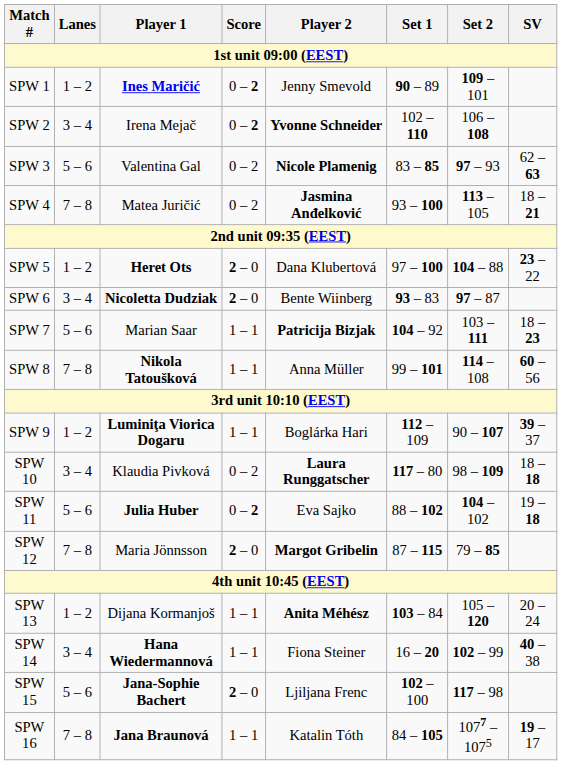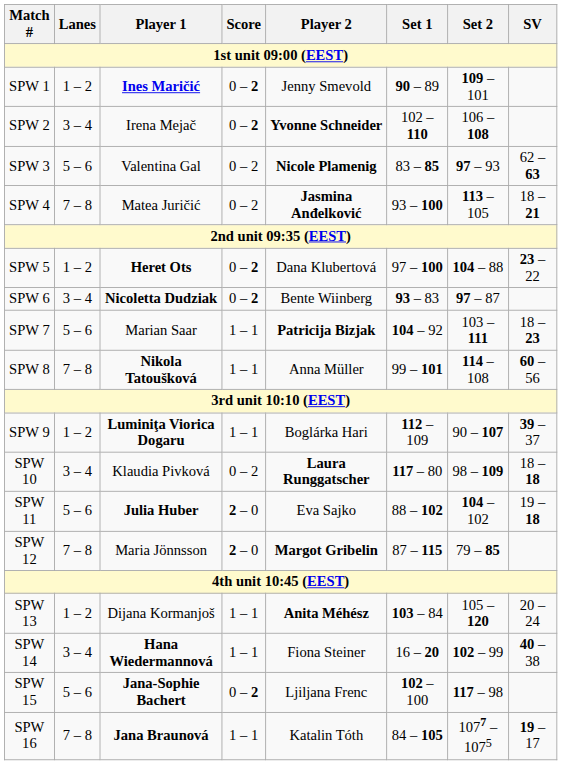 <table class="wikitable">
 <tr>
 <th width="5%">Match #</th>
 <th width="4%">Lanes</th>
 <th width="20%">Player 1</th>
 <th width="5%">Score</th>
 <th width="20%">Player 2</th>
 <th width="10%">Set 1</th>
 <th width="10%">Set 2</th>
 <th width="8%">SV</th>
 </tr>
 <tr>
 <td colspan="8" style="text-align:center; background-color:#FFFACD"><strong>1st unit 09:00 (<a href='#'>EEST</a>)</strong></td>
 </tr>
 <tr style=text-align:center;"background:#;">
 <td>SPW 1</td>
 <td>1 – 2</td>
 <td> <strong><a href='#'>Ines Maričić</a></strong></td>
 <td>0 – <strong>2</strong></td>
 <td> Jenny Smevold</td>
 <td><strong>90</strong> – 89</td>
 <td><strong>109</strong> – 101</td>
 <td></td>
 </tr>
 <tr style=text-align:center;"background:#;">
 <td>SPW 2</td>
 <td>3 – 4</td>
 <td> Irena Mejač</td>
 <td>0 – <strong>2</strong></td>
 <td> <strong>Yvonne Schneider</strong></td>
 <td>102 – <strong>110</strong></td>
 <td>106 – <strong>108</strong></td>
 <td></td>
 </tr>
 <tr style=text-align:center;"background:#;">
 <td>SPW 3</td>
 <td>5 – 6</td>
 <td> Valentina Gal</td>
 <td>0 – 2</td>
 <td> <strong>Nicole Plamenig</strong></td>
 <td>83 – <strong>85</strong></td>
 <td><strong>97</strong> – 93</td>
 <td>62 – <strong>63</strong></td>
 </tr>
 <tr style=text-align:center;"background:#;">
 <td>SPW 4</td>
 <td>7 – 8</td>
 <td> Matea Juričić</td>
 <td>0 – 2</td>
 <td> <strong>Jasmina Anđelković</strong></td>
 <td>93 – <strong>100</strong></td>
 <td><strong>113</strong> – 105</td>
 <td>18 – <strong>21</strong></td>
 </tr>
 <tr>
 <td colspan="8" style="text-align:center; background-color:#FFFACD"><strong>2nd unit 09:35 (<a href='#'>EEST</a>)</strong></td>
 </tr>
 <tr style=text-align:center;"background:#;">
 <td>SPW 5</td>
 <td>1 – 2</td>
 <td> <strong>Heret Ots</strong></td>
-<td><strong>2</strong> – 0</td>
+<td>0 – <strong>2</strong></td>
 <td> Dana Klubertová</td>
 <td>97 – <strong>100</strong></td>
 <td><strong>104</strong> – 88</td>
 <td><strong>23</strong> – 22</td>
 </tr>
 <tr style=text-align:center;"background:#;">
 <td>SPW 6</td>
 <td>3 – 4</td>
 <td> <strong>Nicoletta Dudziak</strong></td>
-<td><strong>2</strong> – 0</td>
+<td>0 – <strong>2</strong></td>
 <td> Bente Wiinberg</td>
 <td><strong>93</strong> – 83</td>
 <td><strong>97</strong> – 87</td>
 <td></td>
 </tr>
 <tr style=text-align:center;"background:#;">
 <td>SPW 7</td>
 <td>5 – 6</td>
 <td> Marian Saar</td>
 <td>1 – 1</td>
 <td> <strong>Patricija Bizjak</strong></td>
 <td><strong>104</strong> – 92</td>
 <td>103 – <strong>111</strong></td>
 <td>18 – <strong>23</strong></td>
 </tr>
 <tr style=text-align:center;"background:#;">
 <td>SPW 8</td>
 <td>7 – 8</td>
 <td> <strong>Nikola Tatoušková</strong></td>
 <td>1 – 1</td>
 <td> Anna Müller</td>
 <td>99  – <strong>101</strong></td>
 <td><strong>114</strong> – 108</td>
 <td><strong>60</strong> – 56</td>
 </tr>
 <tr>
 <td colspan="8" style="text-align:center; background-color:#FFFACD"><strong>3rd unit 10:10 (<a href='#'>EEST</a>)</strong></td>
 </tr>
 <tr style=text-align:center;"background:#;">
 <td>SPW 9</td>
 <td>1 – 2</td>
 <td> <strong>Luminiţa Viorica Dogaru</strong></td>
 <td>1 – 1</td>
 <td> Boglárka Hari</td>
 <td><strong>112</strong> – 109</td>
 <td>90 – <strong>107</strong></td>
 <td><strong>39</strong> – 37</td>
 </tr>
 <tr style=text-align:center;"background:#;">
 <td>SPW 10</td>
 <td>3 – 4</td>
 <td> Klaudia Pivková</td>
 <td>0 – 2</td>
 <td> <strong>Laura Runggatscher</strong></td>
 <td><strong>117</strong> – 80</td>
 <td>98 – <strong>109</strong></td>
 <td>18 – <strong>18</strong></td>
 </tr>
 <tr style=text-align:center;"background:#;">
 <td>SPW 11</td>
 <td>5 – 6</td>
 <td> <strong>Julia Huber</strong></td>
-<td>0 – <strong>2</strong></td>
+<td><strong>2</strong> – 0</td>
 <td> Eva Sajko</td>
 <td>88 – <strong>102</strong></td>
 <td><strong>104</strong> – 102</td>
 <td>19 – <strong>18</strong></td>
 </tr>
 <tr style=text-align:center;"background:#;">
 <td>SPW 12</td>
 <td>7 – 8</td>
 <td> Maria Jönnsson</td>
 <td><strong>2</strong> – 0</td>
 <td> <strong>Margot Gribelin</strong></td>
 <td>87 – <strong>115</strong></td>
 <td>79 – <strong>85</strong></td>
 <td></td>
 </tr>
 <tr>
 <td colspan="8" style="text-align:center; background-color:#FFFACD"><strong>4th unit 10:45 (<a href='#'>EEST</a>)</strong></td>
 </tr>
 <tr style=text-align:center;"background:#;">
 <td>SPW 13</td>
 <td>1 – 2</td>
 <td> Dijana Kormanjoš</td>
 <td>1 – 1</td>
 <td> <strong>Anita Méhész</strong></td>
 <td><strong>103</strong> – 84</td>
 <td>105 – <strong>120</strong></td>
 <td>20 – 24</td>
 </tr>
 <tr style=text-align:center;"background:#;">
 <td>SPW 14</td>
 <td>3 – 4</td>
 <td> <strong>Hana Wiedermannová</strong></td>
 <td>1 – 1</td>
 <td> Fiona Steiner</td>
 <td>16 – <strong>20</strong></td>
 <td><strong>102</strong> – 99</td>
 <td><strong>40</strong> – 38</td>
 </tr>
 <tr style=text-align:center;"background:#;">
 <td>SPW 15</td>
 <td>5 – 6</td>
 <td><strong> Jana-Sophie Bachert</strong></td>
-<td><strong>2</strong> – 0</td>
+<td>0 – <strong>2</strong></td>
 <td> Ljiljana Frenc</td>
 <td><strong>102</strong> – 100</td>
 <td><strong>117</strong> – 98</td>
 <td></td>
 </tr>
 <tr style=text-align:center;"background:#;">
 <td>SPW 16</td>
 <td>7 – 8</td>
 <td> <strong>Jana Braunová</strong></td>
 <td>1 – 1</td>
 <td> Katalin Tóth</td>
 <td>84 – <strong>105</strong></td>
 <td>107<strong><sup>7</sup></strong> – 107<sup>5</sup></td>
 <td><strong>19</strong> – 17</td>
 </tr>
 </table>
